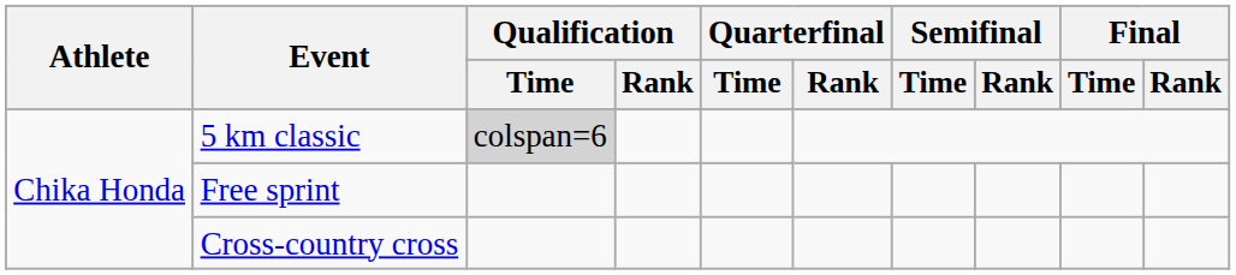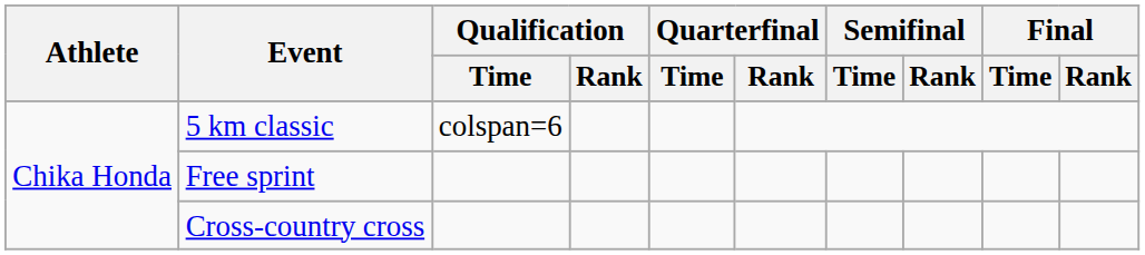 <table class="wikitable" style="font-size:90%">
 <tr>
 <th rowspan="2">Athlete</th>
 <th rowspan="2">Event</th>
 <th colspan="2">Qualification</th>
 <th colspan="2">Quarterfinal</th>
 <th colspan="2">Semifinal</th>
 <th colspan="2">Final</th>
 </tr>
 <tr style="font-size:95%">
 <th>Time</th>
 <th>Rank</th>
 <th>Time</th>
 <th>Rank</th>
 <th>Time</th>
 <th>Rank</th>
 <th>Time</th>
 <th>Rank</th>
 </tr>
 <tr align=center>
 <td align=left rowspan=3><a href='#'>Chika Honda</a></td>
 <td align=left><a href='#'>5 km classic</a></td>
-<td style="background: lightgrey;">colspan=6 </td>
+<td>colspan=6 </td>
 <td></td>
 <td></td>
 </tr>
 <tr align=center>
 <td align=left><a href='#'>Free sprint</a></td>
 <td></td>
 <td></td>
 <td></td>
 <td></td>
 <td></td>
 <td></td>
 <td></td>
 <td></td>
 </tr>
 <tr align=center>
 <td align=left><a href='#'>Cross-country cross</a></td>
 <td></td>
 <td></td>
 <td></td>
 <td></td>
 <td></td>
 <td></td>
 <td></td>
 <td></td>
 </tr>
 </table>
